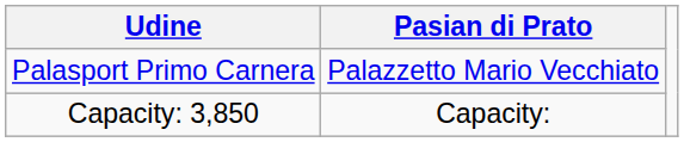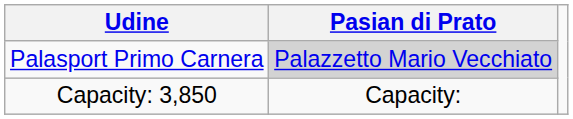 <table class="wikitable" style="text-align:center;">
 <tr>
 <th><a href='#'>Udine</a></th>
 <th><a href='#'>Pasian di Prato</a></th>
 <td rowspan="4"><br></td>
 </tr>
 <tr>
 <td><a href='#'>Palasport Primo Carnera</a></td>
-<td><a href='#'>Palazzetto Mario Vecchiato</a></td>
+<td style="background: lightgrey;"><a href='#'>Palazzetto Mario Vecchiato</a></td>
 </tr>
 <tr>
 <td>Capacity: 3,850</td>
 <td>Capacity:</td>
 </tr>
 </table>
